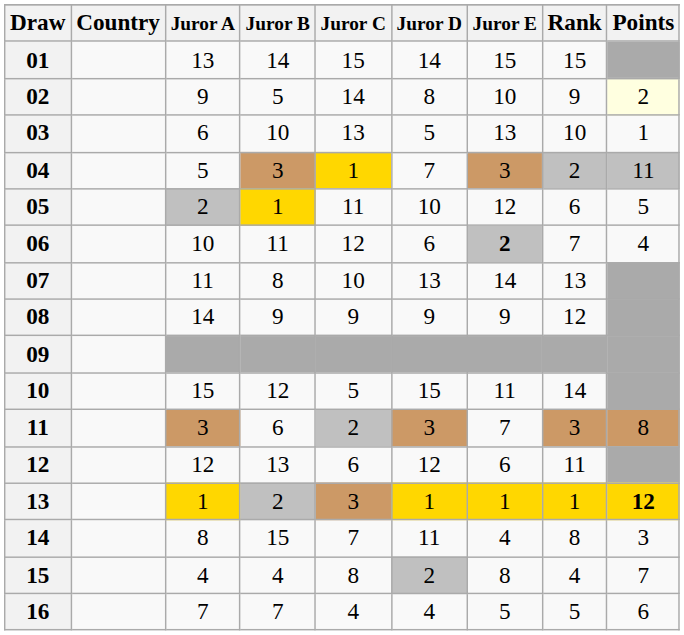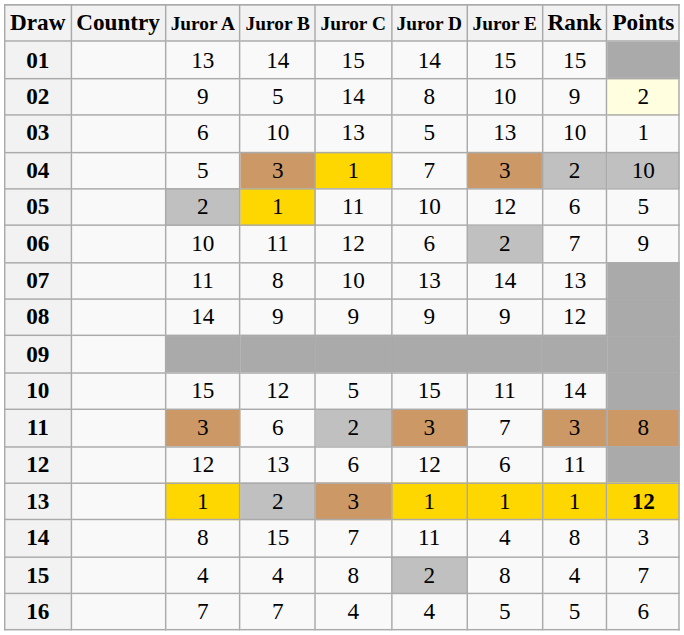 <table class="sortable wikitable collapsible plainrowheaders" style="text-align:center;">
 <tr>
 </tr>
 <tr>
 <th scope="col">Draw</th>
 <th scope="col">Country</th>
 <th scope="col"><small>Juror A</small></th>
 <th scope="col"><small>Juror B</small></th>
 <th scope="col"><small>Juror C</small></th>
 <th scope="col"><small>Juror D</small></th>
 <th scope="col"><small>Juror E</small></th>
 <th scope="col">Rank</th>
 <th scope="col">Points</th>
 </tr>
 <tr>
 <th scope="row" style="text-align:center;">01</th>
 <td style="text-align:left;"></td>
 <td>13</td>
 <td>14</td>
 <td>15</td>
 <td>14</td>
 <td>15</td>
 <td>15</td>
 <td style="background:#AAAAAA;"></td>
 </tr>
 <tr>
 <th scope="row" style="text-align:center;">02</th>
 <td style="text-align:left;"></td>
 <td>9</td>
 <td>5</td>
 <td>14</td>
 <td>8</td>
 <td>10</td>
 <td>9</td>
 <td style="background: lightyellow;">2</td>
 </tr>
 <tr>
 <th scope="row" style="text-align:center;">03</th>
 <td style="text-align:left;"></td>
 <td>6</td>
 <td>10</td>
 <td>13</td>
 <td>5</td>
 <td>13</td>
 <td>10</td>
 <td>1</td>
 </tr>
 <tr>
 <th scope="row" style="text-align:center;">04</th>
 <td style="text-align:left;"></td>
 <td>5</td>
 <td style="background:#CC9966;">3</td>
 <td style="background:gold;">1</td>
 <td>7</td>
 <td style="background:#CC9966;">3</td>
 <td style="background:silver;">2</td>
-<td style="background:silver;">11</td>
+<td style="background:silver;">10</td>
 </tr>
 <tr>
 <th scope="row" style="text-align:center;">05</th>
 <td style="text-align:left;"></td>
 <td style="background:silver;">2</td>
 <td style="background:gold;">1</td>
 <td>11</td>
 <td>10</td>
 <td>12</td>
 <td>6</td>
 <td>5</td>
 </tr>
 <tr>
 <th scope="row" style="text-align:center;">06</th>
 <td style="text-align:left;"></td>
 <td>10</td>
 <td>11</td>
 <td>12</td>
 <td>6</td>
-<td style="background:silver;"><strong>2</strong></td>
+<td style="background:silver;">2</td>
 <td>7</td>
-<td>4</td>
+<td>9</td>
 </tr>
 <tr>
 <th scope="row" style="text-align:center;">07</th>
 <td style="text-align:left;"></td>
 <td>11</td>
 <td>8</td>
 <td>10</td>
 <td>13</td>
 <td>14</td>
 <td>13</td>
 <td style="background:#AAAAAA;"></td>
 </tr>
 <tr>
 <th scope="row" style="text-align:center;">08</th>
 <td style="text-align:left;"></td>
 <td>14</td>
 <td>9</td>
 <td>9</td>
 <td>9</td>
 <td>9</td>
 <td>12</td>
 <td style="background:#AAAAAA;"></td>
 </tr>
 <tr class="sortbottom">
 <th scope="row" style="text-align:center;">09</th>
 <td style="text-align:left;"></td>
 <td style="background:#AAAAAA;"></td>
 <td style="background:#AAAAAA;"></td>
 <td style="background:#AAAAAA;"></td>
 <td style="background:#AAAAAA;"></td>
 <td style="background:#AAAAAA;"></td>
 <td style="background:#AAAAAA;"></td>
 <td style="background:#AAAAAA;"></td>
 </tr>
 <tr>
 <th scope="row" style="text-align:center;">10</th>
 <td style="text-align:left;"></td>
 <td>15</td>
 <td>12</td>
 <td>5</td>
 <td>15</td>
 <td>11</td>
 <td>14</td>
 <td style="background:#AAAAAA;"></td>
 </tr>
 <tr>
 <th scope="row" style="text-align:center;">11</th>
 <td style="text-align:left;"></td>
 <td style="background:#CC9966;">3</td>
 <td>6</td>
 <td style="background:silver;">2</td>
 <td style="background:#CC9966;">3</td>
 <td>7</td>
 <td style="background:#CC9966;">3</td>
 <td style="background:#CC9966;">8</td>
 </tr>
 <tr>
 <th scope="row" style="text-align:center;">12</th>
 <td style="text-align:left;"></td>
 <td>12</td>
 <td>13</td>
 <td>6</td>
 <td>12</td>
 <td>6</td>
 <td>11</td>
 <td style="background:#AAAAAA;"></td>
 </tr>
 <tr>
 <th scope="row" style="text-align:center;">13</th>
 <td style="text-align:left;"></td>
 <td style="background:gold;">1</td>
 <td style="background:silver;">2</td>
 <td style="background:#CC9966;">3</td>
 <td style="background:gold;">1</td>
 <td style="background:gold;">1</td>
 <td style="background:gold;">1</td>
 <td style="background:gold;"><strong>12</strong></td>
 </tr>
 <tr>
 <th scope="row" style="text-align:center;">14</th>
 <td style="text-align:left;"></td>
 <td>8</td>
 <td>15</td>
 <td>7</td>
 <td>11</td>
 <td>4</td>
 <td>8</td>
 <td>3</td>
 </tr>
 <tr>
 <th scope="row" style="text-align:center;">15</th>
 <td style="text-align:left;"></td>
 <td>4</td>
 <td>4</td>
 <td>8</td>
 <td style="background:silver;">2</td>
 <td>8</td>
 <td>4</td>
 <td>7</td>
 </tr>
 <tr>
 <th scope="row" style="text-align:center;">16</th>
 <td style="text-align:left;"></td>
 <td>7</td>
 <td>7</td>
 <td>4</td>
 <td>4</td>
 <td>5</td>
 <td>5</td>
 <td>6</td>
 </tr>
 </table>
